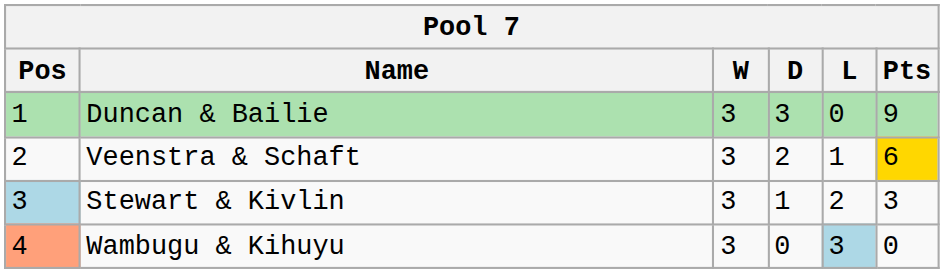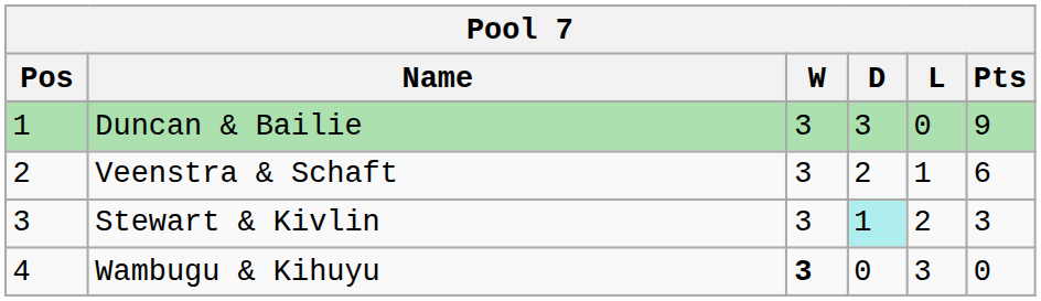 <table class="wikitable">
 <tr>
 <th colspan="6">Pool 7</th>
 </tr>
 <tr>
 <th width=30>Pos</th>
 <th width=300>Name</th>
 <th width=20>W</th>
 <th width=20>D</th>
 <th width=20>L</th>
 <th width=20>Pts</th>
 </tr>
 <tr>
 </tr>
 <tr style="background:#ACE1AF;">
 <td>1</td>
 <td> Duncan & Bailie</td>
 <td>3</td>
 <td>3</td>
 <td>0</td>
 <td>9</td>
 </tr>
 <tr>
 <td>2</td>
 <td> Veenstra & Schaft</td>
 <td>3</td>
 <td>2</td>
 <td>1</td>
-<td style="background: gold;">6</td>
+<td>6</td>
 </tr>
 <tr>
-<td style="background: lightblue;">3</td>
+<td>3</td>
 <td> Stewart & Kivlin</td>
 <td>3</td>
-<td>1</td>
+<td style="background: paleturquoise;">1</td>
 <td>2</td>
 <td>3</td>
 </tr>
 <tr>
-<td style="background: lightsalmon;">4</td>
+<td>4</td>
 <td> Wambugu & Kihuyu</td>
+<td><strong>3</strong></td>
+<td>0</td>
 <td>3</td>
-<td>0</td>
-<td style="background: lightblue;">3</td>
 <td>0</td>
 </tr>
 </table>
